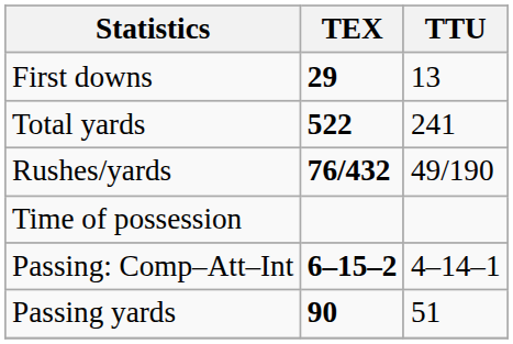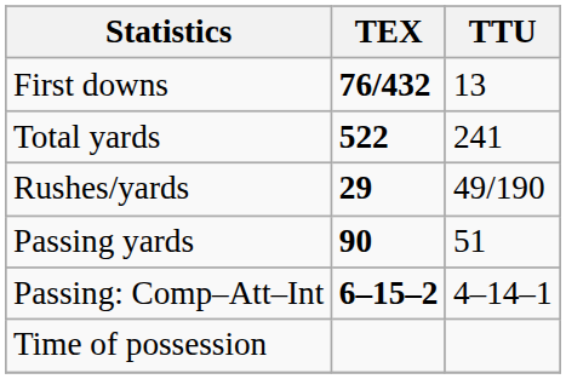 <table class="wikitable" style="float: left;">
 <tr>
 <th>Statistics</th>
 <th>TEX</th>
 <th>TTU</th>
 </tr>
 <tr>
 <td>First downs</td>
-<td><strong>29</strong></td>
+<td><strong>76/432</strong></td>
 <td>13</td>
 </tr>
 <tr>
 <td>Total yards</td>
 <td><strong>522</strong></td>
 <td>241</td>
 </tr>
 <tr>
 <td>Rushes/yards</td>
-<td><strong>76/432</strong></td>
+<td><strong>29</strong></td>
 <td>49/190</td>
+</tr>
+<tr>
+<td>Passing yards</td>
+<td><strong>90</strong></td>
+<td>51</td>
+</tr>
+<tr>
+<td>Passing: Comp–Att–Int</td>
+<td><strong>6–15–2</strong></td>
+<td>4–14–1</td>
 </tr>
 <tr>
 <td>Time of possession</td>
 <td></td>
 <td></td>
 </tr>
 <tr>
-<td>Passing: Comp–Att–Int</td>
-<td><strong>6–15–2</strong></td>
-<td>4–14–1</td>
-</tr>
-<tr>
-<td>Passing yards</td>
-<td><strong>90</strong></td>
-<td>51</td>
-</tr>
-<tr>
 </tr>
 </table>
